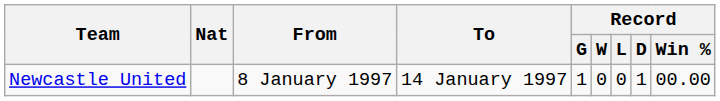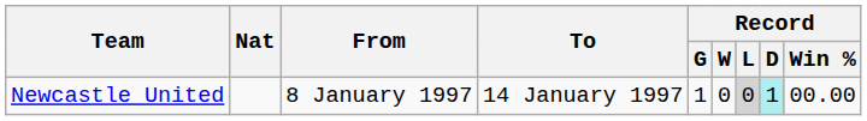 <table class="wikitable" style="text-align: center">
 <tr>
 <th rowspan="2">Team</th>
 <th rowspan="2">Nat</th>
 <th rowspan="2">From</th>
 <th rowspan="2">To</th>
 <th colspan="5">Record</th>
 </tr>
 <tr>
 <th>G</th>
 <th>W</th>
 <th>L</th>
 <th>D</th>
 <th>Win %</th>
 </tr>
 <tr>
 <td align=left><a href='#'>Newcastle United</a></td>
 <td></td>
 <td align=left>8 January 1997</td>
 <td align=left>14 January 1997</td>
 <td>1</td>
 <td>0</td>
-<td>0</td>
-<td>1</td>
+<td style="background: lightgrey;">0</td>
+<td style="background: paleturquoise;">1</td>
 <td>00.00</td>
 </tr>
 </table>
